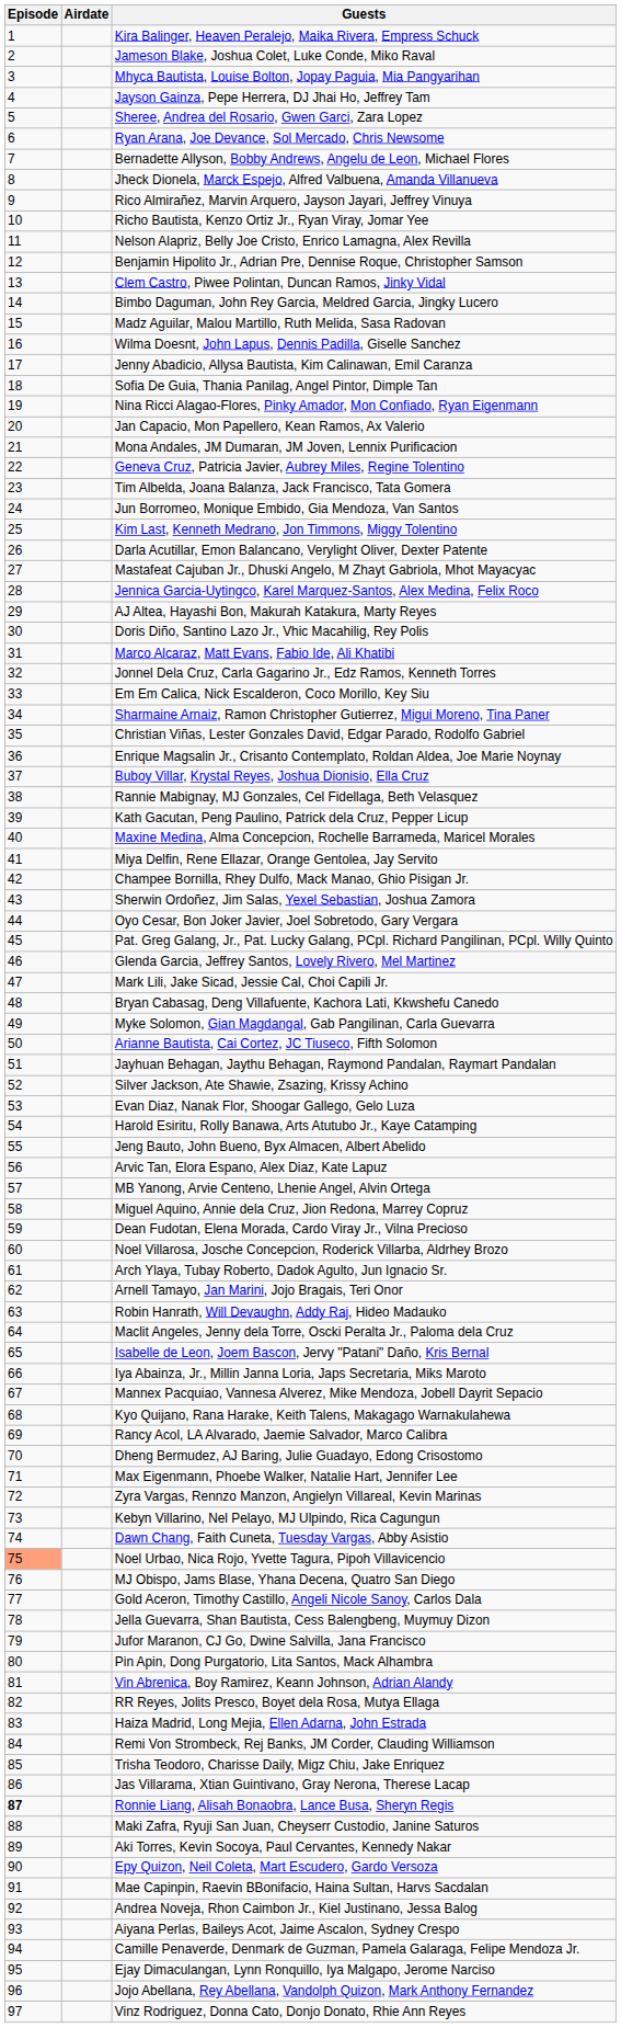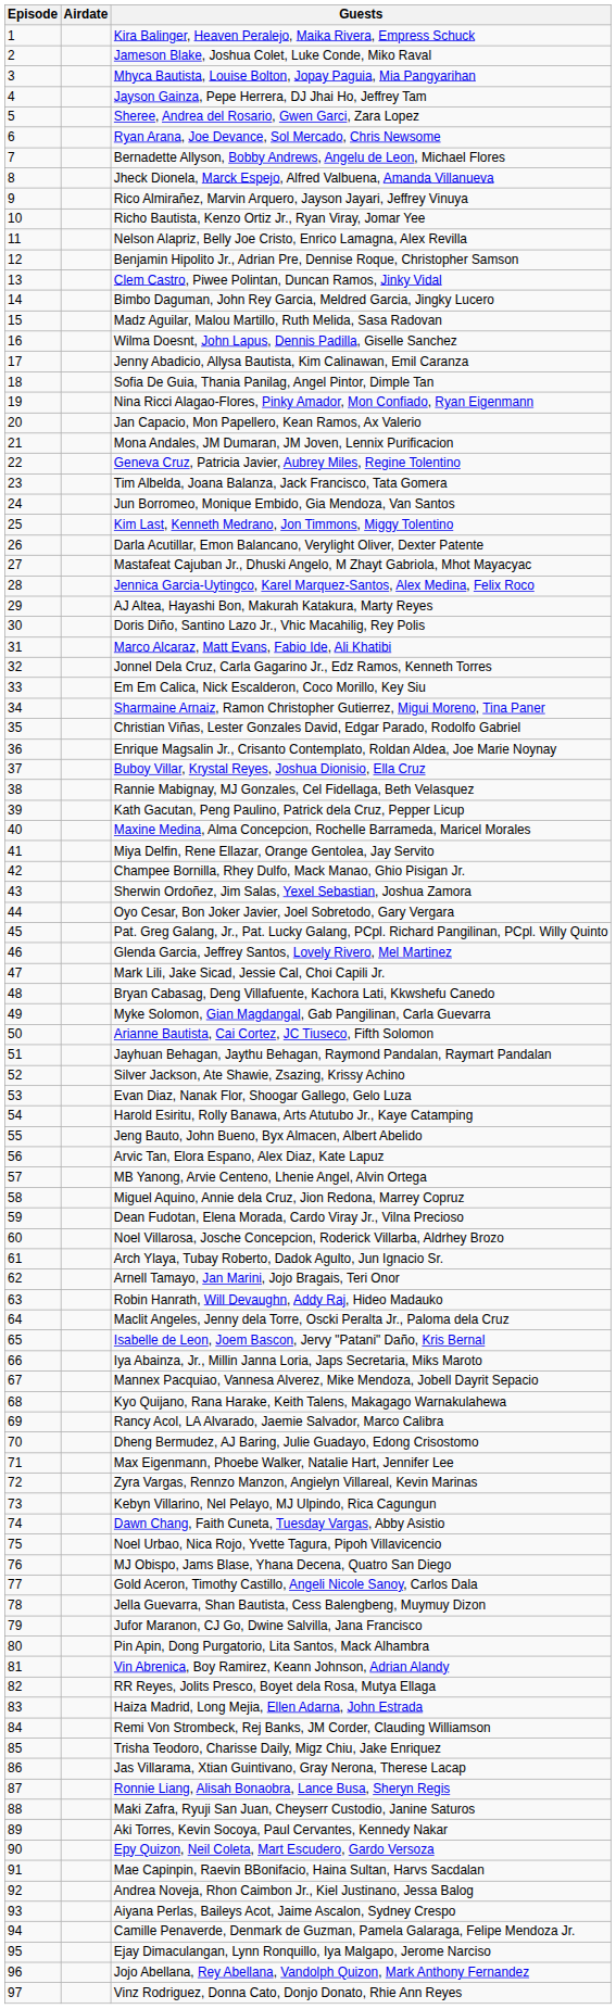 <table class="wikitable">
 <tr>
 <th>Episode</th>
 <th>Airdate</th>
 <th>Guests</th>
 </tr>
 <tr>
 <td>1</td>
 <td></td>
 <td><a href='#'>Kira Balinger</a>, <a href='#'>Heaven Peralejo</a>, <a href='#'>Maika Rivera</a>, <a href='#'>Empress Schuck</a></td>
 </tr>
 <tr>
 <td>2</td>
 <td></td>
 <td><a href='#'>Jameson Blake</a>, Joshua Colet, Luke Conde, Miko Raval</td>
 </tr>
 <tr>
 <td>3</td>
 <td></td>
 <td><a href='#'>Mhyca Bautista</a>, <a href='#'>Louise Bolton</a>, <a href='#'>Jopay Paguia</a>, <a href='#'>Mia Pangyarihan</a></td>
 </tr>
 <tr>
 <td>4</td>
 <td></td>
 <td><a href='#'>Jayson Gainza</a>, Pepe Herrera, DJ Jhai Ho, Jeffrey Tam</td>
 </tr>
 <tr>
 <td>5</td>
 <td></td>
 <td><a href='#'>Sheree</a>, <a href='#'>Andrea del Rosario</a>, <a href='#'>Gwen Garci</a>, Zara Lopez</td>
 </tr>
 <tr>
 <td>6</td>
 <td></td>
 <td><a href='#'>Ryan Arana</a>, <a href='#'>Joe Devance</a>, <a href='#'>Sol Mercado</a>, <a href='#'>Chris Newsome</a></td>
 </tr>
 <tr>
 <td>7</td>
 <td></td>
 <td>Bernadette Allyson, <a href='#'>Bobby Andrews</a>, <a href='#'>Angelu de Leon</a>, Michael Flores</td>
 </tr>
 <tr>
 <td>8</td>
 <td></td>
 <td>Jheck Dionela, <a href='#'>Marck Espejo</a>, Alfred Valbuena, <a href='#'>Amanda Villanueva</a></td>
 </tr>
 <tr>
 <td>9</td>
 <td></td>
 <td>Rico Almirañez, Marvin Arquero, Jayson Jayari, Jeffrey Vinuya</td>
 </tr>
 <tr>
 <td>10</td>
 <td></td>
 <td>Richo Bautista, Kenzo Ortiz Jr., Ryan Viray, Jomar Yee</td>
 </tr>
 <tr>
 <td>11</td>
 <td></td>
 <td>Nelson Alapriz, Belly Joe Cristo, Enrico Lamagna, Alex Revilla</td>
 </tr>
 <tr>
 <td>12</td>
 <td></td>
 <td>Benjamin Hipolito Jr., Adrian Pre, Dennise Roque, Christopher Samson</td>
 </tr>
 <tr>
 <td>13</td>
 <td></td>
 <td><a href='#'>Clem Castro</a>, Piwee Polintan, Duncan Ramos, <a href='#'>Jinky Vidal</a></td>
 </tr>
 <tr>
 <td>14</td>
 <td></td>
 <td>Bimbo Daguman, John Rey Garcia, Meldred Garcia, Jingky Lucero</td>
 </tr>
 <tr>
 <td>15</td>
 <td></td>
 <td>Madz Aguilar, Malou Martillo, Ruth Melida, Sasa Radovan</td>
 </tr>
 <tr>
 <td>16</td>
 <td></td>
 <td>Wilma Doesnt, <a href='#'>John Lapus</a>, <a href='#'>Dennis Padilla</a>, Giselle Sanchez</td>
 </tr>
 <tr>
 <td>17</td>
 <td></td>
 <td>Jenny Abadicio, Allysa Bautista, Kim Calinawan, Emil Caranza</td>
 </tr>
 <tr>
 <td>18</td>
 <td></td>
 <td>Sofia De Guia, Thania Panilag, Angel Pintor, Dimple Tan</td>
 </tr>
 <tr>
 <td>19</td>
 <td></td>
 <td>Nina Ricci Alagao-Flores, <a href='#'>Pinky Amador</a>, <a href='#'>Mon Confiado</a>, <a href='#'>Ryan Eigenmann</a></td>
 </tr>
 <tr>
 <td>20</td>
 <td></td>
 <td>Jan Capacio, Mon Papellero, Kean Ramos, Ax Valerio</td>
 </tr>
 <tr>
 <td>21</td>
 <td></td>
 <td>Mona Andales, JM Dumaran, JM Joven, Lennix Purificacion</td>
 </tr>
 <tr>
 <td>22</td>
 <td></td>
 <td><a href='#'>Geneva Cruz</a>, Patricia Javier, <a href='#'>Aubrey Miles</a>, <a href='#'>Regine Tolentino</a></td>
 </tr>
 <tr>
 <td>23</td>
 <td></td>
 <td>Tim Albelda, Joana Balanza, Jack Francisco, Tata Gomera</td>
 </tr>
 <tr>
 <td>24</td>
 <td></td>
 <td>Jun Borromeo, Monique Embido, Gia Mendoza, Van Santos</td>
 </tr>
 <tr>
 <td>25</td>
 <td></td>
 <td><a href='#'>Kim Last</a>, <a href='#'>Kenneth Medrano</a>, <a href='#'>Jon Timmons</a>, <a href='#'>Miggy Tolentino</a></td>
 </tr>
 <tr>
 <td>26</td>
 <td></td>
 <td>Darla Acutillar, Emon Balancano, Verylight Oliver, Dexter Patente</td>
 </tr>
 <tr>
 <td>27</td>
 <td></td>
 <td>Mastafeat Cajuban Jr., Dhuski Angelo, M Zhayt Gabriola, Mhot Mayacyac</td>
 </tr>
 <tr>
 <td>28</td>
 <td></td>
 <td><a href='#'>Jennica Garcia-Uytingco</a>, <a href='#'>Karel Marquez-Santos</a>, <a href='#'>Alex Medina</a>, <a href='#'>Felix Roco</a></td>
 </tr>
 <tr>
 <td>29</td>
 <td></td>
 <td>AJ Altea, Hayashi Bon, Makurah Katakura, Marty Reyes</td>
 </tr>
 <tr>
 <td>30</td>
 <td></td>
 <td>Doris Diño, Santino Lazo Jr., Vhic Macahilig, Rey Polis</td>
 </tr>
 <tr>
 <td>31</td>
 <td></td>
 <td><a href='#'>Marco Alcaraz</a>, <a href='#'>Matt Evans</a>, <a href='#'>Fabio Ide</a>, <a href='#'>Ali Khatibi</a></td>
 </tr>
 <tr>
 <td>32</td>
 <td></td>
 <td>Jonnel Dela Cruz, Carla Gagarino Jr., Edz Ramos, Kenneth Torres</td>
 </tr>
 <tr>
 <td>33</td>
 <td></td>
 <td>Em Em Calica, Nick Escalderon, Coco Morillo, Key Siu</td>
 </tr>
 <tr>
 <td>34</td>
 <td></td>
 <td><a href='#'>Sharmaine Arnaiz</a>, Ramon Christopher Gutierrez, <a href='#'>Migui Moreno</a>, <a href='#'>Tina Paner</a></td>
 </tr>
 <tr>
 <td>35</td>
 <td></td>
 <td>Christian Viñas, Lester Gonzales David, Edgar Parado, Rodolfo Gabriel</td>
 </tr>
 <tr>
 <td>36</td>
 <td></td>
 <td>Enrique Magsalin Jr., Crisanto Contemplato, Roldan Aldea, Joe Marie Noynay</td>
 </tr>
 <tr>
 <td>37</td>
 <td></td>
 <td><a href='#'>Buboy Villar</a>, <a href='#'>Krystal Reyes</a>, <a href='#'>Joshua Dionisio</a>, <a href='#'>Ella Cruz</a></td>
 </tr>
 <tr>
 <td>38</td>
 <td></td>
 <td>Rannie Mabignay, MJ Gonzales, Cel Fidellaga, Beth Velasquez</td>
 </tr>
 <tr>
 <td>39</td>
 <td></td>
 <td>Kath Gacutan, Peng Paulino, Patrick dela Cruz, Pepper Licup</td>
 </tr>
 <tr>
 <td>40</td>
 <td></td>
 <td><a href='#'>Maxine Medina</a>, Alma Concepcion, Rochelle Barrameda, Maricel Morales</td>
 </tr>
 <tr>
 <td>41</td>
 <td></td>
 <td>Miya Delfin, Rene Ellazar, Orange Gentolea, Jay Servito</td>
 </tr>
 <tr>
 <td>42</td>
 <td></td>
 <td>Champee Bornilla, Rhey Dulfo, Mack Manao, Ghio Pisigan Jr.</td>
 </tr>
 <tr>
 <td>43</td>
 <td></td>
 <td>Sherwin Ordoñez, Jim Salas, <a href='#'>Yexel Sebastian</a>, Joshua Zamora</td>
 </tr>
 <tr>
 <td>44</td>
 <td></td>
 <td>Oyo Cesar, Bon Joker Javier, Joel Sobretodo, Gary Vergara</td>
 </tr>
 <tr>
 <td>45</td>
 <td></td>
 <td>Pat. Greg Galang, Jr., Pat. Lucky Galang, PCpl. Richard Pangilinan, PCpl. Willy Quinto</td>
 </tr>
 <tr>
 <td>46</td>
 <td></td>
 <td>Glenda Garcia, Jeffrey Santos, <a href='#'>Lovely Rivero</a>, <a href='#'>Mel Martinez</a></td>
 </tr>
 <tr>
 <td>47</td>
 <td></td>
 <td>Mark Lili, Jake Sicad, Jessie Cal, Choi Capili Jr.</td>
 </tr>
 <tr>
 <td>48</td>
 <td></td>
 <td>Bryan Cabasag, Deng Villafuente, Kachora Lati, Kkwshefu Canedo</td>
 </tr>
 <tr>
 <td>49</td>
 <td></td>
 <td>Myke Solomon, <a href='#'>Gian Magdangal</a>, Gab Pangilinan, Carla Guevarra</td>
 </tr>
 <tr>
 <td>50</td>
 <td></td>
 <td><a href='#'>Arianne Bautista</a>, <a href='#'>Cai Cortez</a>, <a href='#'>JC Tiuseco</a>, Fifth Solomon</td>
 </tr>
 <tr>
 <td>51</td>
 <td></td>
 <td>Jayhuan Behagan, Jaythu Behagan, Raymond Pandalan, Raymart Pandalan</td>
 </tr>
 <tr>
 <td>52</td>
 <td></td>
 <td>Silver Jackson, Ate Shawie, Zsazing, Krissy Achino</td>
 </tr>
 <tr>
 <td>53</td>
 <td></td>
 <td>Evan Diaz, Nanak Flor, Shoogar Gallego, Gelo Luza</td>
 </tr>
 <tr>
 <td>54</td>
 <td></td>
 <td>Harold Esiritu, Rolly Banawa, Arts Atutubo Jr., Kaye Catamping</td>
 </tr>
 <tr>
 <td>55</td>
 <td></td>
 <td>Jeng Bauto, John Bueno, Byx Almacen, Albert Abelido</td>
 </tr>
 <tr>
 <td>56</td>
 <td></td>
 <td>Arvic Tan, Elora Espano, Alex Diaz, Kate Lapuz</td>
 </tr>
 <tr>
 <td>57</td>
 <td></td>
 <td>MB Yanong, Arvie Centeno, Lhenie Angel, Alvin Ortega</td>
 </tr>
 <tr>
 <td>58</td>
 <td></td>
 <td>Miguel Aquino, Annie dela Cruz, Jion Redona, Marrey Copruz</td>
 </tr>
 <tr>
 <td>59</td>
 <td></td>
 <td>Dean Fudotan, Elena Morada, Cardo Viray Jr., Vilna Precioso</td>
 </tr>
 <tr>
 <td>60</td>
 <td></td>
 <td>Noel Villarosa, Josche Concepcion, Roderick Villarba, Aldrhey Brozo</td>
 </tr>
 <tr>
 <td>61</td>
 <td></td>
 <td>Arch Ylaya, Tubay Roberto, Dadok Agulto, Jun Ignacio Sr.</td>
 </tr>
 <tr>
 <td>62</td>
 <td></td>
 <td>Arnell Tamayo, <a href='#'>Jan Marini</a>, Jojo Bragais, Teri Onor</td>
 </tr>
 <tr>
 <td>63</td>
 <td></td>
 <td>Robin Hanrath, <a href='#'>Will Devaughn</a>, <a href='#'>Addy Raj</a>, Hideo Madauko</td>
 </tr>
 <tr>
 <td>64</td>
 <td></td>
 <td>Maclit Angeles, Jenny dela Torre, Oscki Peralta Jr., Paloma dela Cruz</td>
 </tr>
 <tr>
 <td>65</td>
 <td></td>
 <td><a href='#'>Isabelle de Leon</a>, <a href='#'>Joem Bascon</a>, Jervy "Patani" Daño, <a href='#'>Kris Bernal</a></td>
 </tr>
 <tr>
 <td>66</td>
 <td></td>
 <td>Iya Abainza, Jr., Millin Janna Loria, Japs Secretaria, Miks Maroto</td>
 </tr>
 <tr>
 <td>67</td>
 <td></td>
 <td>Mannex Pacquiao, Vannesa Alverez, Mike Mendoza, Jobell Dayrit Sepacio</td>
 </tr>
 <tr>
 <td>68</td>
 <td></td>
 <td>Kyo Quijano, Rana Harake, Keith Talens, Makagago Warnakulahewa</td>
 </tr>
 <tr>
 <td>69</td>
 <td></td>
 <td>Rancy Acol, LA Alvarado, Jaemie Salvador, Marco Calibra</td>
 </tr>
 <tr>
 <td>70</td>
 <td></td>
 <td>Dheng Bermudez, AJ Baring, Julie Guadayo, Edong Crisostomo</td>
 </tr>
 <tr>
 <td>71</td>
 <td></td>
 <td>Max Eigenmann, Phoebe Walker, Natalie Hart, Jennifer Lee</td>
 </tr>
 <tr>
 <td>72</td>
 <td></td>
 <td>Zyra Vargas, Rennzo Manzon, Angielyn Villareal, Kevin Marinas</td>
 </tr>
 <tr>
 <td>73</td>
 <td></td>
 <td>Kebyn Villarino, Nel Pelayo, MJ Ulpindo, Rica Cagungun</td>
 </tr>
 <tr>
 <td>74</td>
 <td></td>
 <td><a href='#'>Dawn Chang</a>, Faith Cuneta, <a href='#'>Tuesday Vargas</a>, Abby Asistio</td>
 </tr>
 <tr>
-<td style="background: lightsalmon;">75</td>
+<td>75</td>
 <td></td>
 <td>Noel Urbao, Nica Rojo, Yvette Tagura, Pipoh Villavicencio</td>
 </tr>
 <tr>
 <td>76</td>
 <td></td>
 <td>MJ Obispo, Jams Blase, Yhana Decena, Quatro San Diego</td>
 </tr>
 <tr>
 <td>77</td>
 <td></td>
 <td>Gold Aceron, Timothy Castillo, <a href='#'>Angeli Nicole Sanoy</a>, Carlos Dala</td>
 </tr>
 <tr>
 <td>78</td>
 <td></td>
 <td>Jella Guevarra, Shan Bautista, Cess Balengbeng, Muymuy Dizon</td>
 </tr>
 <tr>
 <td>79</td>
 <td></td>
 <td>Jufor Maranon, CJ Go, Dwine Salvilla, Jana Francisco</td>
 </tr>
 <tr>
 <td>80</td>
 <td></td>
 <td>Pin Apin, Dong Purgatorio, Lita Santos, Mack Alhambra</td>
 </tr>
 <tr>
 <td>81</td>
 <td></td>
 <td><a href='#'>Vin Abrenica</a>, Boy Ramirez, Keann Johnson, <a href='#'>Adrian Alandy</a></td>
 </tr>
 <tr>
 <td>82</td>
 <td></td>
 <td>RR Reyes, Jolits Presco, Boyet dela Rosa, Mutya Ellaga</td>
 </tr>
 <tr>
 <td>83</td>
 <td></td>
 <td>Haiza Madrid, Long Mejia, <a href='#'>Ellen Adarna</a>, <a href='#'>John Estrada</a></td>
 </tr>
 <tr>
 <td>84</td>
 <td></td>
 <td>Remi Von Strombeck, Rej Banks, JM Corder, Clauding Williamson</td>
 </tr>
 <tr>
 <td>85</td>
 <td></td>
 <td>Trisha Teodoro, Charisse Daily, Migz Chiu, Jake Enriquez</td>
 </tr>
 <tr>
 <td>86</td>
 <td></td>
 <td>Jas Villarama, Xtian Guintivano, Gray Nerona, Therese Lacap</td>
 </tr>
 <tr>
-<td><strong>87</strong></td>
+<td>87</td>
 <td></td>
 <td><a href='#'>Ronnie Liang</a>, <a href='#'>Alisah Bonaobra</a>, <a href='#'>Lance Busa</a>, <a href='#'>Sheryn Regis</a></td>
 </tr>
 <tr>
 <td>88</td>
 <td></td>
 <td>Maki Zafra, Ryuji San Juan, Cheyserr Custodio, Janine Saturos</td>
 </tr>
 <tr>
 <td>89</td>
 <td></td>
 <td>Aki Torres, Kevin Socoya, Paul Cervantes, Kennedy Nakar</td>
 </tr>
 <tr>
 <td>90</td>
 <td></td>
 <td><a href='#'>Epy Quizon</a>, <a href='#'>Neil Coleta</a>, <a href='#'>Mart Escudero</a>, <a href='#'>Gardo Versoza</a></td>
 </tr>
 <tr>
 <td>91</td>
 <td></td>
 <td>Mae Capinpin, Raevin BBonifacio, Haina Sultan, Harvs Sacdalan</td>
 </tr>
 <tr>
 <td>92</td>
 <td></td>
 <td>Andrea Noveja, Rhon Caimbon Jr., Kiel Justinano, Jessa Balog</td>
 </tr>
 <tr>
 <td>93</td>
 <td></td>
 <td>Aiyana Perlas, Baileys Acot, Jaime Ascalon, Sydney Crespo</td>
 </tr>
 <tr>
 <td>94</td>
 <td></td>
 <td>Camille Penaverde, Denmark de Guzman, Pamela Galaraga, Felipe Mendoza Jr.</td>
 </tr>
 <tr>
 <td>95</td>
 <td></td>
 <td>Ejay Dimaculangan, Lynn Ronquillo, Iya Malgapo, Jerome Narciso</td>
 </tr>
 <tr>
 <td>96</td>
 <td></td>
 <td>Jojo Abellana, <a href='#'>Rey Abellana</a>, <a href='#'>Vandolph Quizon</a>, <a href='#'>Mark Anthony Fernandez</a></td>
 </tr>
 <tr>
 <td>97</td>
 <td></td>
 <td>Vinz Rodriguez, Donna Cato, Donjo Donato, Rhie Ann Reyes</td>
 </tr>
 </table>
